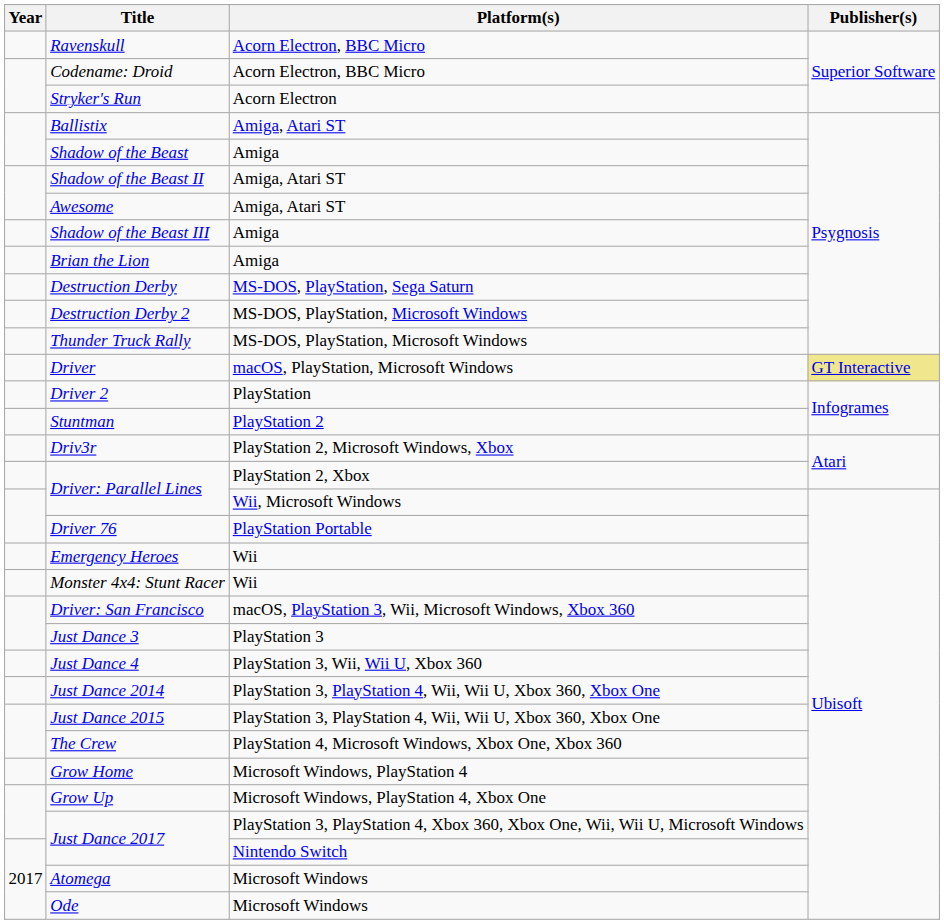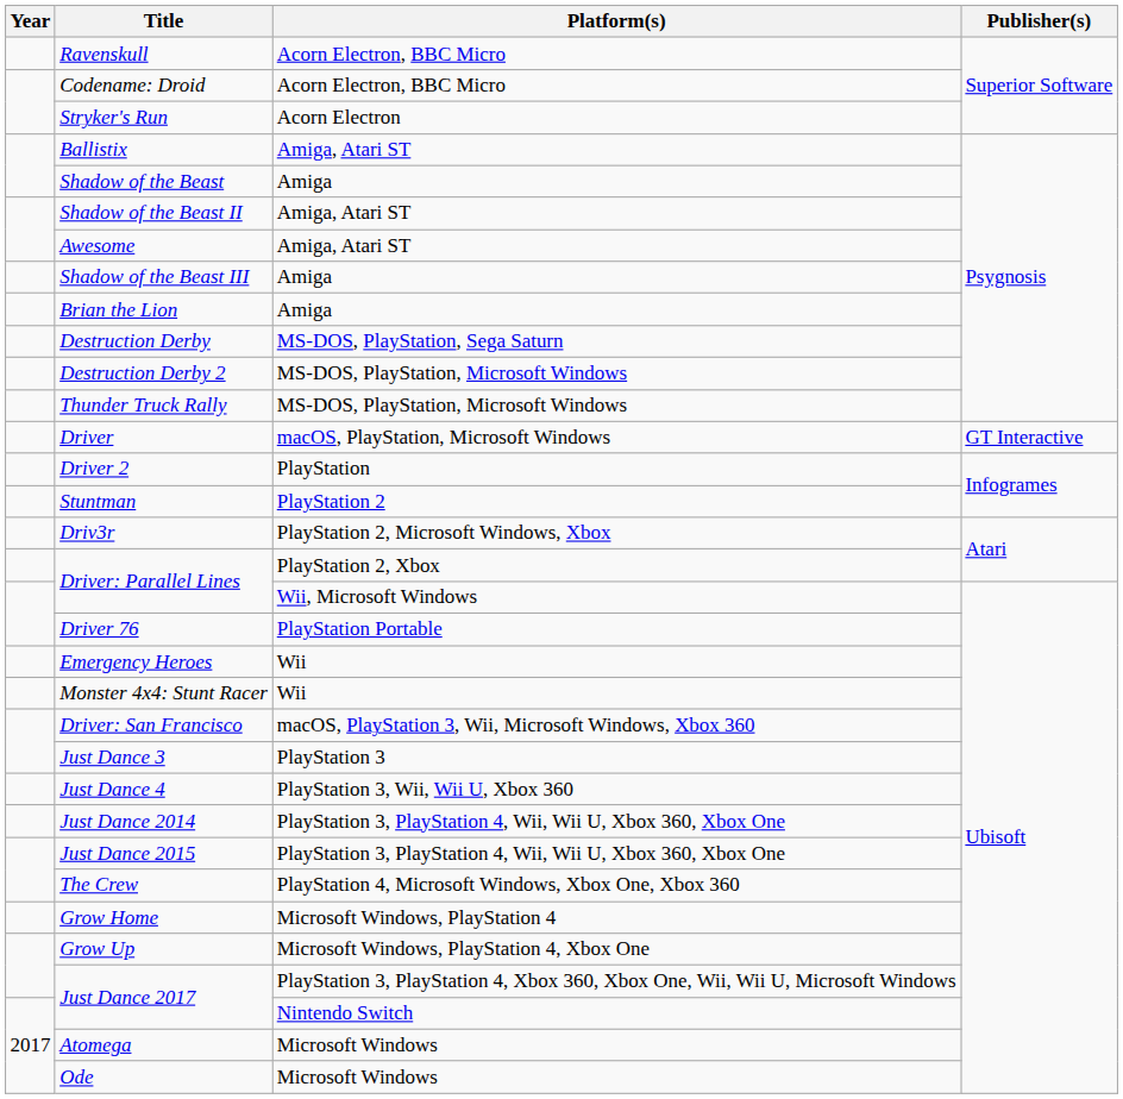 <table class="wikitable sortable">
 <tr>
 <th>Year</th>
 <th>Title</th>
 <th>Platform(s)</th>
 <th>Publisher(s)</th>
 </tr>
 <tr>
 <td></td>
 <td><em><a href='#'>Ravenskull</a></em></td>
 <td><a href='#'>Acorn Electron</a>, <a href='#'>BBC Micro</a></td>
 <td rowspan="3"><a href='#'>Superior Software</a></td>
 </tr>
 <tr>
 <td rowspan="2"></td>
 <td><em>Codename: Droid</em></td>
 <td>Acorn Electron, BBC Micro</td>
 </tr>
 <tr>
 <td><em><a href='#'>Stryker's Run</a></em></td>
 <td>Acorn Electron</td>
 </tr>
 <tr>
 <td rowspan="2"></td>
 <td><em><a href='#'>Ballistix</a></em></td>
 <td><a href='#'>Amiga</a>, <a href='#'>Atari ST</a></td>
 <td rowspan="9"><a href='#'>Psygnosis</a></td>
 </tr>
 <tr>
 <td><em><a href='#'>Shadow of the Beast</a></em></td>
 <td>Amiga</td>
 </tr>
 <tr>
 <td rowspan="2"></td>
 <td><em><a href='#'>Shadow of the Beast II</a></em></td>
 <td>Amiga, Atari ST</td>
 </tr>
 <tr>
 <td><em><a href='#'>Awesome</a></em></td>
 <td>Amiga, Atari ST</td>
 </tr>
 <tr>
 <td></td>
 <td><em><a href='#'>Shadow of the Beast III</a></em></td>
 <td>Amiga</td>
 </tr>
 <tr>
 <td></td>
 <td><em><a href='#'>Brian the Lion</a></em></td>
 <td>Amiga</td>
 </tr>
 <tr>
 <td></td>
 <td><em><a href='#'>Destruction Derby</a></em></td>
 <td><a href='#'>MS-DOS</a>, <a href='#'>PlayStation</a>, <a href='#'>Sega Saturn</a></td>
 </tr>
 <tr>
 <td></td>
 <td><em><a href='#'>Destruction Derby 2</a></em></td>
 <td>MS-DOS, PlayStation, <a href='#'>Microsoft Windows</a></td>
 </tr>
 <tr>
 <td></td>
 <td><em><a href='#'>Thunder Truck Rally</a></em></td>
 <td>MS-DOS, PlayStation, Microsoft Windows</td>
 </tr>
 <tr>
 <td></td>
 <td><em><a href='#'>Driver</a></em></td>
 <td><a href='#'>macOS</a>, PlayStation, Microsoft Windows</td>
-<td style="background: khaki;"><a href='#'>GT Interactive</a></td>
+<td><a href='#'>GT Interactive</a></td>
 </tr>
 <tr>
 <td></td>
 <td><em><a href='#'>Driver 2</a></em></td>
 <td>PlayStation</td>
 <td rowspan="2"><a href='#'>Infogrames</a></td>
 </tr>
 <tr>
 <td></td>
 <td><em><a href='#'>Stuntman</a></em></td>
 <td><a href='#'>PlayStation 2</a></td>
 </tr>
 <tr>
 <td></td>
 <td><em><a href='#'>Driv3r</a></em></td>
 <td>PlayStation 2, Microsoft Windows, <a href='#'>Xbox</a></td>
 <td rowspan="2"><a href='#'>Atari</a></td>
 </tr>
 <tr>
 <td></td>
 <td rowspan="2"><em><a href='#'>Driver: Parallel Lines</a></em></td>
 <td>PlayStation 2, Xbox</td>
 </tr>
 <tr>
 <td rowspan="2"></td>
 <td><a href='#'>Wii</a>, Microsoft Windows</td>
 <td rowspan="16"><a href='#'>Ubisoft</a></td>
 </tr>
 <tr>
 <td><em><a href='#'>Driver 76</a></em></td>
 <td><a href='#'>PlayStation Portable</a></td>
 </tr>
 <tr>
 <td></td>
 <td><em><a href='#'>Emergency Heroes</a></em></td>
 <td>Wii</td>
 </tr>
 <tr>
 <td></td>
 <td><em>Monster 4x4: Stunt Racer</em></td>
 <td>Wii</td>
 </tr>
 <tr>
 <td rowspan="2"></td>
 <td><em><a href='#'>Driver: San Francisco</a></em></td>
 <td>macOS, <a href='#'>PlayStation 3</a>, Wii, Microsoft Windows, <a href='#'>Xbox 360</a></td>
 </tr>
 <tr>
 <td><em><a href='#'>Just Dance 3</a></em></td>
 <td>PlayStation 3</td>
 </tr>
 <tr>
 <td></td>
 <td><em><a href='#'>Just Dance 4</a></em></td>
 <td>PlayStation 3, Wii, <a href='#'>Wii U</a>, Xbox 360</td>
 </tr>
 <tr>
 <td></td>
 <td><em><a href='#'>Just Dance 2014</a></em></td>
 <td>PlayStation 3, <a href='#'>PlayStation 4</a>, Wii, Wii U, Xbox 360, <a href='#'>Xbox One</a></td>
 </tr>
 <tr>
 <td rowspan="2"></td>
 <td><em><a href='#'>Just Dance 2015</a></em></td>
 <td>PlayStation 3, PlayStation 4, Wii, Wii U, Xbox 360, Xbox One</td>
 </tr>
 <tr>
 <td><em><a href='#'>The Crew</a></em></td>
 <td>PlayStation 4, Microsoft Windows, Xbox One, Xbox 360</td>
 </tr>
 <tr>
 <td></td>
 <td><em><a href='#'>Grow Home</a></em></td>
 <td>Microsoft Windows, PlayStation 4</td>
 </tr>
 <tr>
 <td rowspan="2"></td>
 <td><em><a href='#'>Grow Up</a></em></td>
 <td>Microsoft Windows, PlayStation 4, Xbox One</td>
 </tr>
 <tr>
 <td rowspan="2"><em><a href='#'>Just Dance 2017</a></em></td>
 <td>PlayStation 3, PlayStation 4, Xbox 360, Xbox One, Wii, Wii U, Microsoft Windows</td>
 </tr>
 <tr>
 <td rowspan="3">2017</td>
 <td><a href='#'>Nintendo Switch</a></td>
 </tr>
 <tr>
 <td><em><a href='#'>Atomega</a></em></td>
 <td>Microsoft Windows</td>
 </tr>
 <tr>
 <td><em><a href='#'>Ode</a></em></td>
 <td>Microsoft Windows</td>
 </tr>
 </table>
